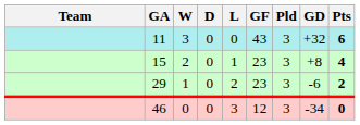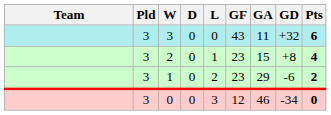 <table class="wikitable" style="text-align:center;">
 <tr>
 <th width=150>Team</th>
-<th width=20>GA</th>
+<th width=20>Pld</th>
 <th width=20>W</th>
 <th width=20>D</th>
 <th width=20>L</th>
 <th width=20>GF</th>
-<th width=20>Pld</th>
+<th width=20>GA</th>
 <th width=20>GD</th>
 <th width=20>Pts</th>
 </tr>
 <tr bgcolor="#afeeee">
 <td align="left"></td>
-<td>11</td>
+<td>3</td>
 <td>3</td>
 <td>0</td>
 <td>0</td>
 <td>43</td>
-<td>3</td>
+<td>11</td>
 <td>+32</td>
 <td><strong>6</strong></td>
 </tr>
 <tr bgcolor="#ccffcc">
 <td align="left"></td>
-<td>15</td>
+<td>3</td>
 <td>2</td>
 <td>0</td>
 <td>1</td>
 <td>23</td>
-<td>3</td>
+<td>15</td>
 <td>+8</td>
 <td><strong>4</strong></td>
 </tr>
 <tr bgcolor="#ccffcc" style ="border-bottom:3px solid red;">
 <td align="left"></td>
-<td>29</td>
+<td>3</td>
 <td>1</td>
 <td>0</td>
 <td>2</td>
 <td>23</td>
-<td>3</td>
+<td>29</td>
 <td>-6</td>
 <td><strong>2</strong></td>
 </tr>
 <tr bgcolor="#ffcccc">
 <td align="left"></td>
-<td>46</td>
+<td>3</td>
 <td>0</td>
 <td>0</td>
 <td>3</td>
 <td>12</td>
-<td>3</td>
+<td>46</td>
 <td>-34</td>
 <td><strong>0</strong></td>
 </tr>
 </table>
